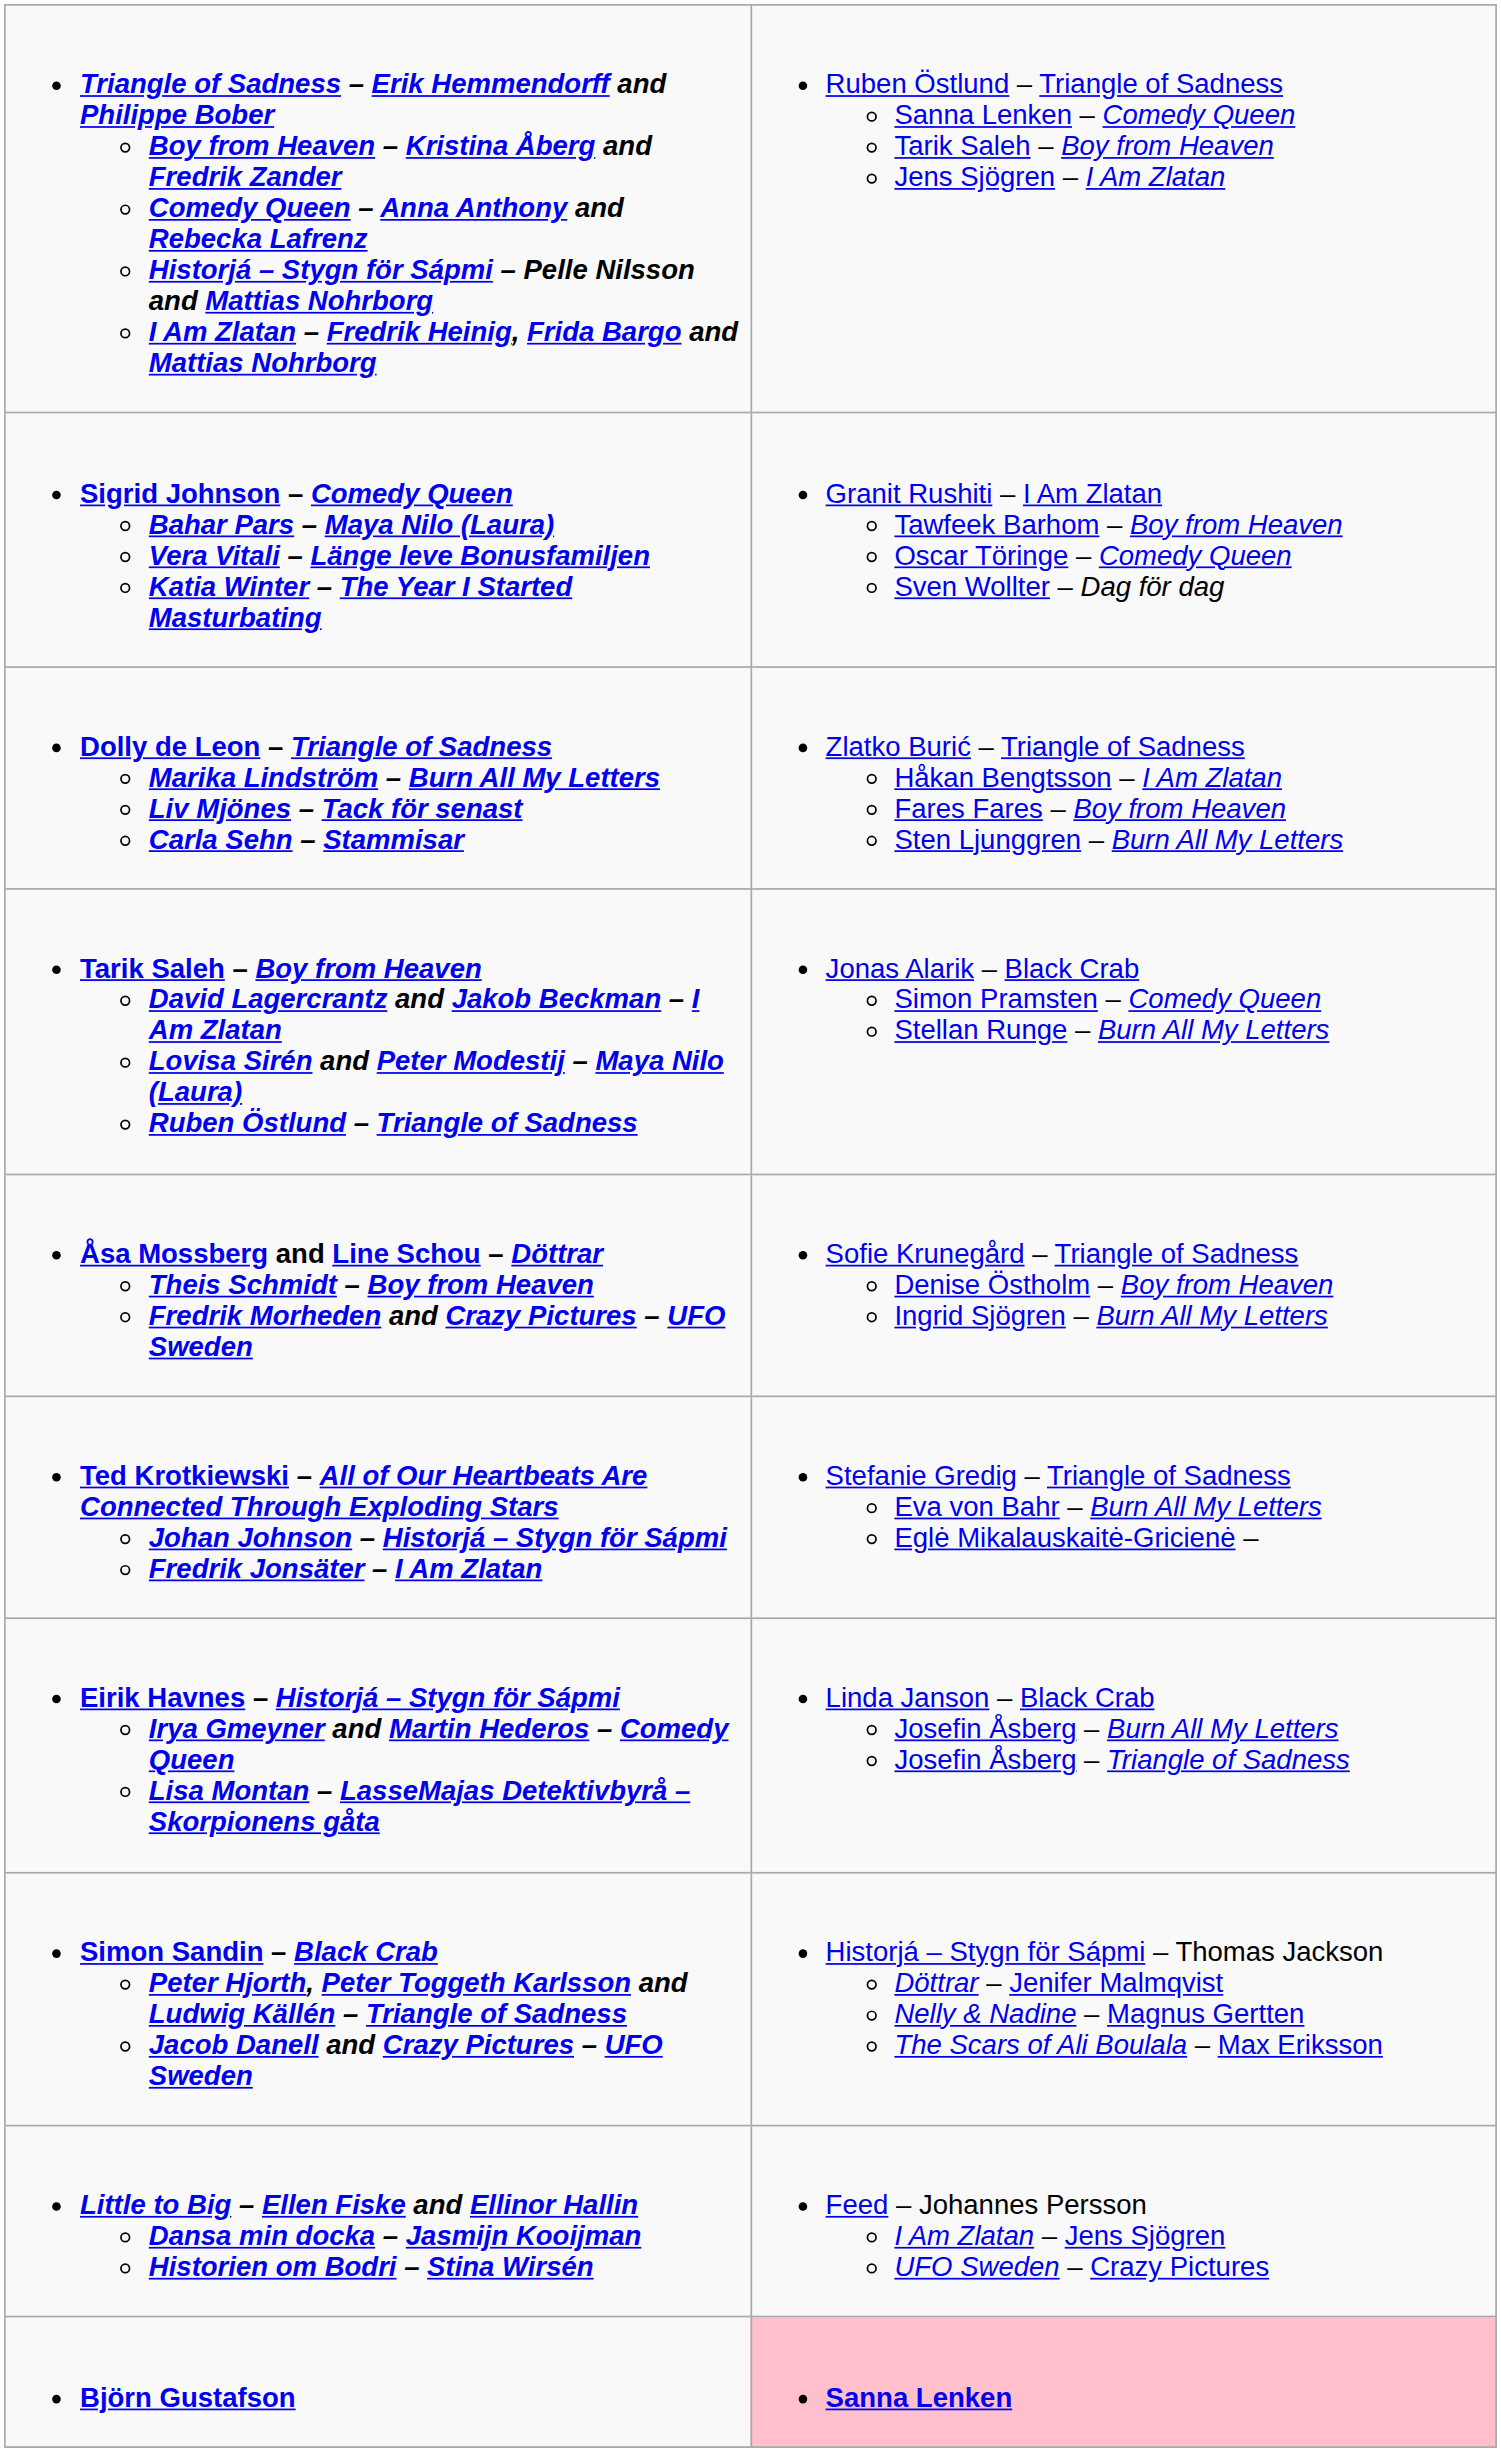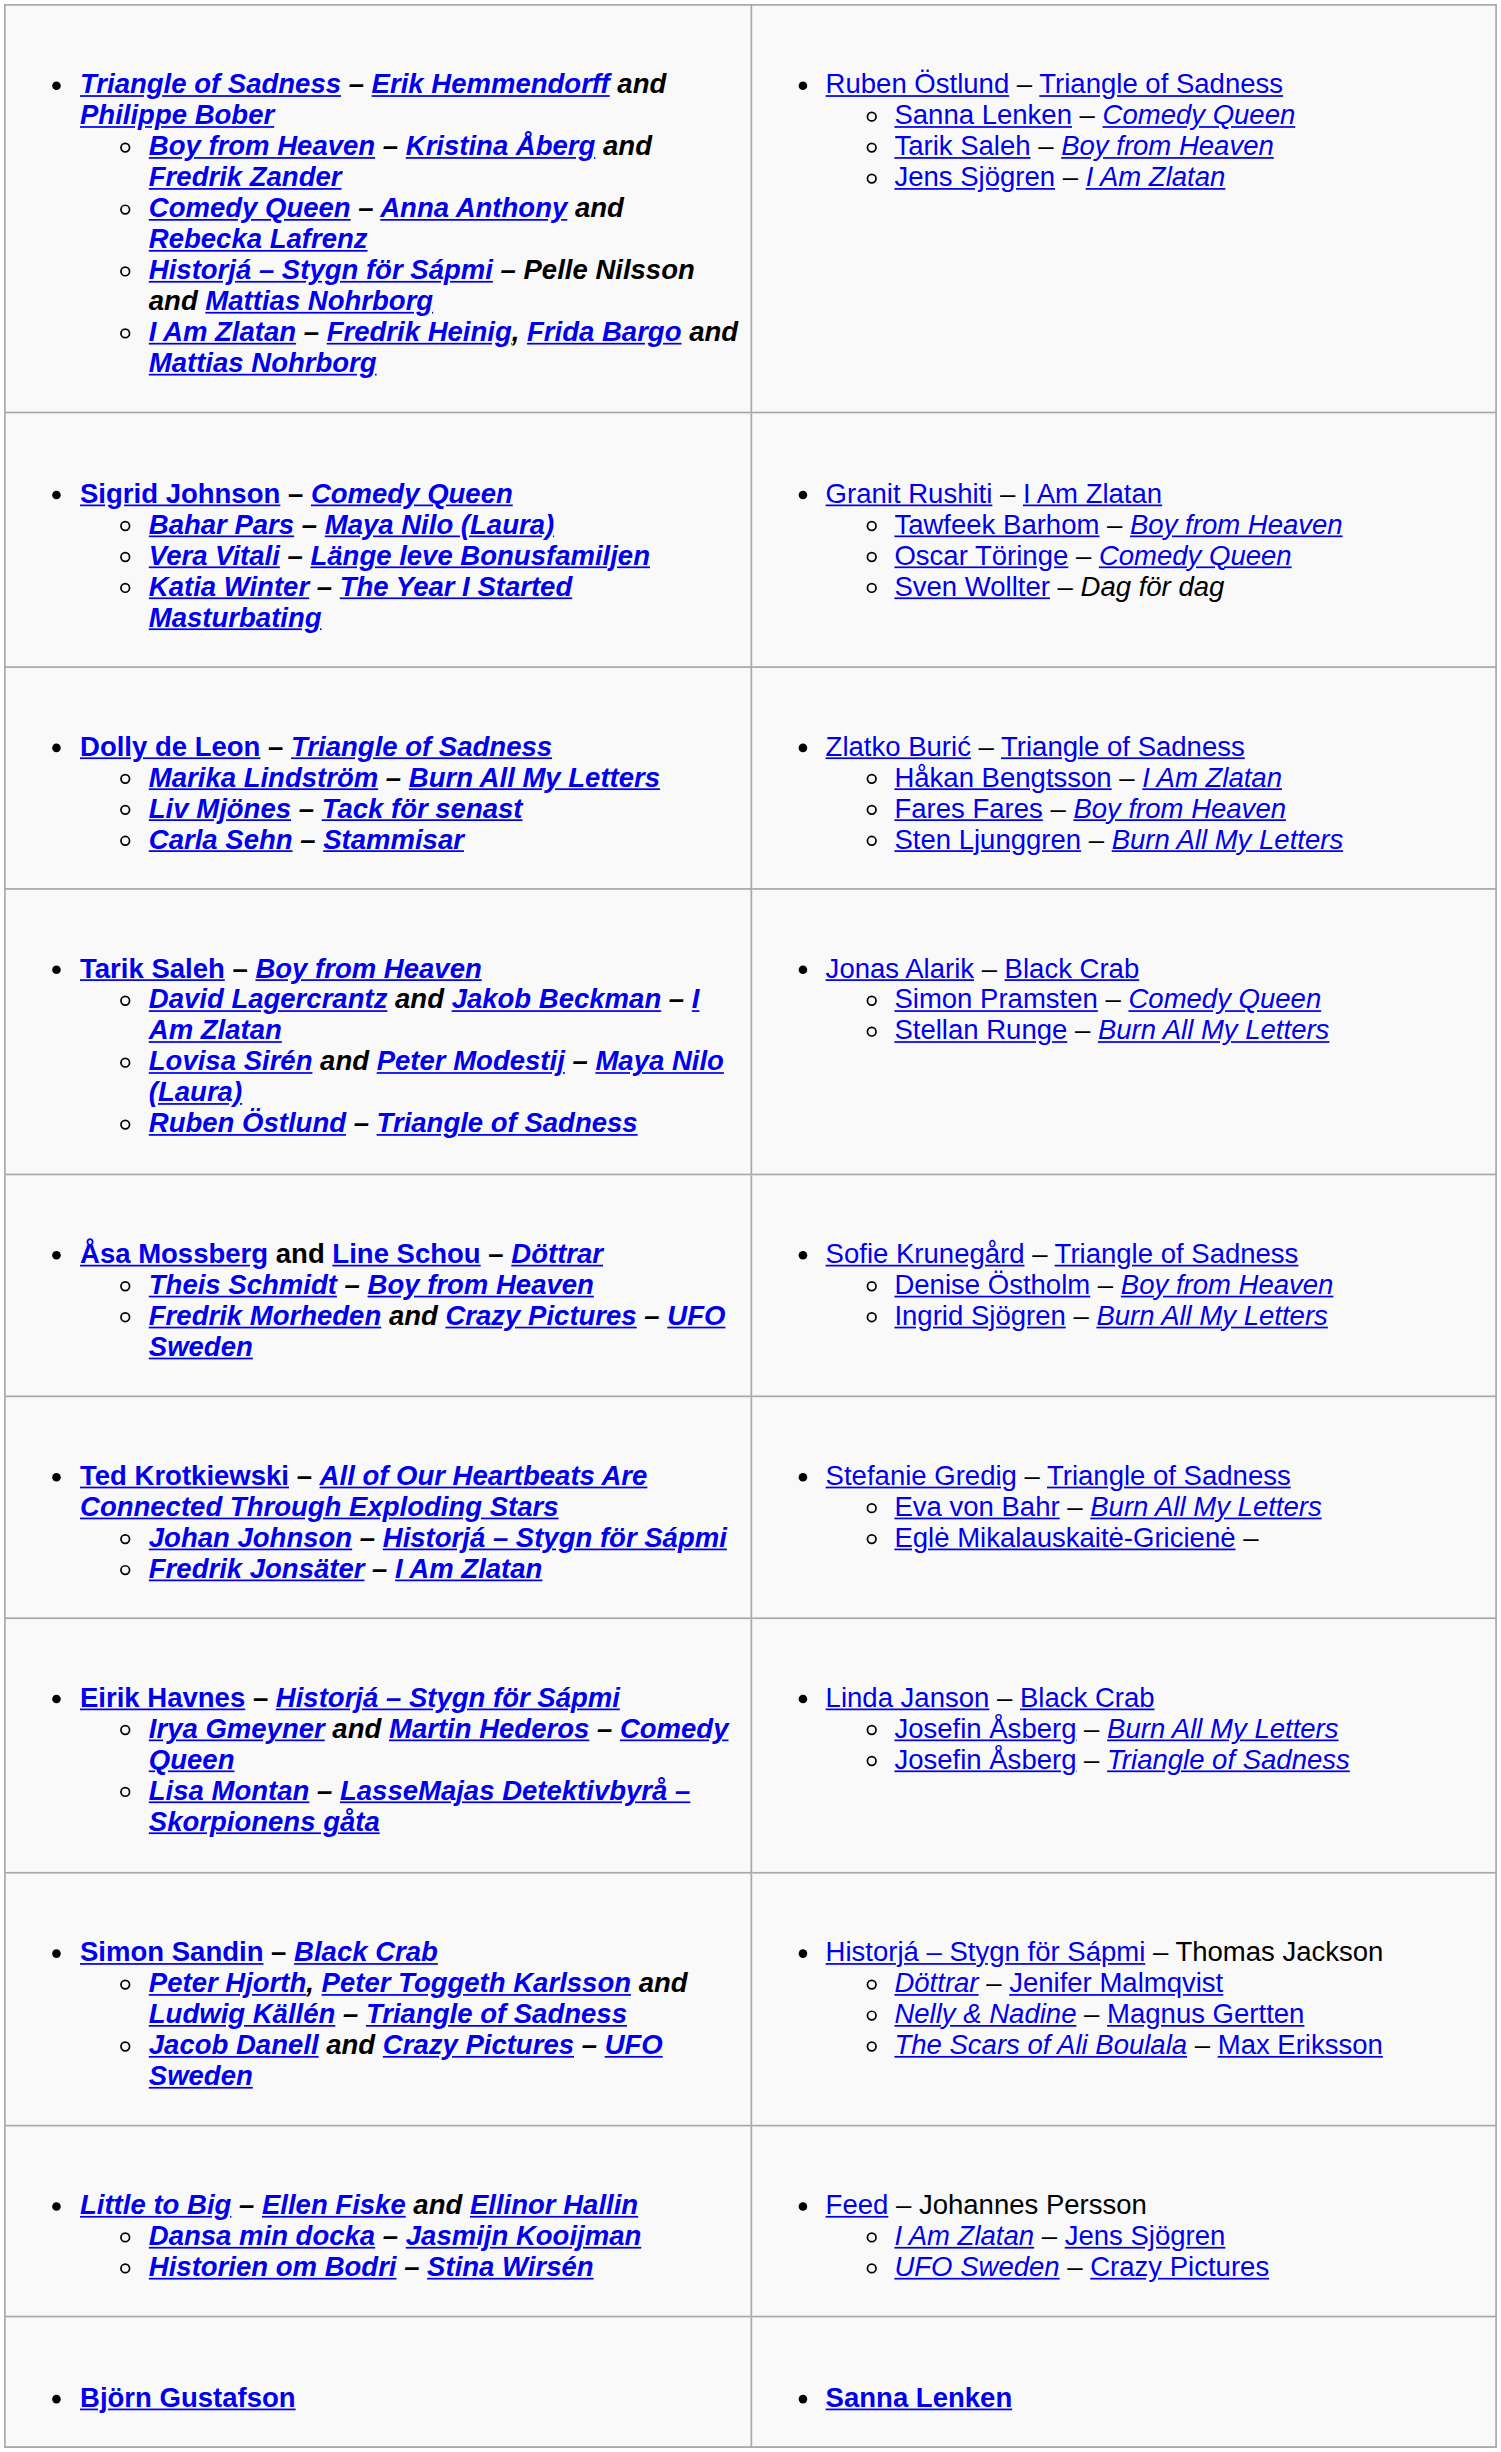 <table class="wikitable">
 <tr>
 <td style="width:50%" valign="top"><br><ul><li><strong><em><a href='#'>Triangle of Sadness</a><em> – <a href='#'>Erik Hemmendorff</a> and <a href='#'>Philippe Bober</a><strong><ul><li></em><a href='#'>Boy from Heaven</a><em> – <a href='#'>Kristina Åberg</a> and <a href='#'>Fredrik Zander</a></li><li></em><a href='#'>Comedy Queen</a><em> – <a href='#'>Anna Anthony</a> and <a href='#'>Rebecka Lafrenz</a></li><li></em><a href='#'>Historjá – Stygn för Sápmi</a><em> – Pelle Nilsson and <a href='#'>Mattias Nohrborg</a></li><li></em><a href='#'>I Am Zlatan</a><em> – <a href='#'>Fredrik Heinig</a>, <a href='#'>Frida Bargo</a> and <a href='#'>Mattias Nohrborg</a></li></ul></li></ul></td>
 <td style="width:50%" valign="top"><br><ul><li></strong><a href='#'>Ruben Östlund</a> – </em><a href='#'>Triangle of Sadness</a></em></strong><ul><li><a href='#'>Sanna Lenken</a> – <em><a href='#'>Comedy Queen</a></em></li><li><a href='#'>Tarik Saleh</a> – <em><a href='#'>Boy from Heaven</a></em></li><li><a href='#'>Jens Sjögren</a> – <em><a href='#'>I Am Zlatan</a></em></li></ul></li></ul></td>
 </tr>
 <tr>
 <td style="width:50%" valign="top"><br><ul><li><strong><a href='#'>Sigrid Johnson</a> – <em><a href='#'>Comedy Queen</a><strong><em><ul><li><a href='#'>Bahar Pars</a> – </em><a href='#'>Maya Nilo (Laura)</a><em></li><li><a href='#'>Vera Vitali</a> – </em><a href='#'>Länge leve Bonusfamiljen</a><em></li><li><a href='#'>Katia Winter</a> –  </em><a href='#'>The Year I Started Masturbating</a><em></li></ul></li></ul></td>
 <td style="width:50%" valign="top"><br><ul><li></strong><a href='#'>Granit Rushiti</a> – </em><a href='#'>I Am Zlatan</a></em></strong><ul><li><a href='#'>Tawfeek Barhom</a> – <em><a href='#'>Boy from Heaven</a></em></li><li><a href='#'>Oscar Töringe</a> – <em><a href='#'>Comedy Queen</a></em></li><li><a href='#'>Sven Wollter</a> – <em>Dag för dag</em></li></ul></li></ul></td>
 </tr>
 <tr>
 <td style="width:50%" valign="top"><br><ul><li><strong><a href='#'>Dolly de Leon</a> – <em><a href='#'>Triangle of Sadness</a><strong><em><ul><li><a href='#'>Marika Lindström</a> – </em><a href='#'>Burn All My Letters</a><em></li><li><a href='#'>Liv Mjönes</a> – </em><a href='#'>Tack för senast</a><em></li><li><a href='#'>Carla Sehn</a> – </em><a href='#'>Stammisar</a><em></li></ul></li></ul></td>
 <td style="width:50%" valign="top"><br><ul><li></strong><a href='#'>Zlatko Burić</a> – </em><a href='#'>Triangle of Sadness</a></em></strong><ul><li><a href='#'>Håkan Bengtsson</a> – <em><a href='#'>I Am Zlatan</a></em></li><li><a href='#'>Fares Fares</a> – <em><a href='#'>Boy from Heaven</a></em></li><li><a href='#'>Sten Ljunggren</a> – <em><a href='#'>Burn All My Letters</a></em></li></ul></li></ul></td>
 </tr>
 <tr>
 <td style="width:50%" valign="top"><br><ul><li><strong><a href='#'>Tarik Saleh</a> – <em><a href='#'>Boy from Heaven</a><strong><em><ul><li><a href='#'>David Lagercrantz</a> and <a href='#'>Jakob Beckman</a> – </em><a href='#'>I Am Zlatan</a><em></li><li><a href='#'>Lovisa Sirén</a> and <a href='#'>Peter Modestij</a> – </em><a href='#'>Maya Nilo (Laura)</a><em></li><li><a href='#'>Ruben Östlund</a> – </em><a href='#'>Triangle of Sadness</a><em></li></ul></li></ul></td>
 <td style="width:50%" valign="top"><br><ul><li></strong><a href='#'>Jonas Alarik</a> – </em><a href='#'>Black Crab</a></em></strong><ul><li><a href='#'>Simon Pramsten</a> – <em><a href='#'>Comedy Queen</a></em></li><li><a href='#'>Stellan Runge</a> – <em><a href='#'>Burn All My Letters</a></em></li></ul></li></ul></td>
 </tr>
 <tr>
 <td style="width:50%" valign="top"><br><ul><li><strong><a href='#'>Åsa Mossberg</a> and <a href='#'>Line Schou</a> – <em><a href='#'>Döttrar</a><strong><em><ul><li><a href='#'>Theis Schmidt</a> – </em><a href='#'>Boy from Heaven</a><em></li><li><a href='#'>Fredrik Morheden</a> and <a href='#'>Crazy Pictures</a> – </em><a href='#'>UFO Sweden</a><em></li></ul></li></ul></td>
 <td style="width:50%" valign="top"><br><ul><li></strong><a href='#'>Sofie Krunegård</a> – </em><a href='#'>Triangle of Sadness</a></em></strong><ul><li><a href='#'>Denise Östholm</a> – <em><a href='#'>Boy from Heaven</a></em></li><li><a href='#'>Ingrid Sjögren</a> – <em><a href='#'>Burn All My Letters</a></em></li></ul></li></ul></td>
 </tr>
 <tr>
 <td style="width:50%" valign="top"><br><ul><li><strong><a href='#'>Ted Krotkiewski</a> – <em><a href='#'>All of Our Heartbeats Are Connected Through Exploding Stars</a><strong><em><ul><li><a href='#'>Johan Johnson</a> – </em><a href='#'>Historjá – Stygn för Sápmi</a><em></li><li><a href='#'>Fredrik Jonsäter</a> – </em><a href='#'>I Am Zlatan</a><em></li></ul></li></ul></td>
 <td style="width:50%" valign="top"><br><ul><li></strong><a href='#'>Stefanie Gredig</a> – </em><a href='#'>Triangle of Sadness</a></em></strong><ul><li><a href='#'>Eva von Bahr</a> – <em><a href='#'>Burn All My Letters</a></em></li><li><a href='#'>Eglė Mikalauskaitė-Gricienė</a> – </li></ul></li></ul></td>
 </tr>
 <tr>
 <td style="width:50%" valign="top"><br><ul><li><strong><a href='#'>Eirik Havnes</a> – <em><a href='#'>Historjá – Stygn för Sápmi</a><strong><em><ul><li><a href='#'>Irya Gmeyner</a> and <a href='#'>Martin Hederos</a> – </em><a href='#'>Comedy Queen</a><em></li><li><a href='#'>Lisa Montan</a> – </em><a href='#'>LasseMajas Detektivbyrå – Skorpionens gåta</a><em></li></ul></li></ul></td>
 <td style="width:50%" valign="top"><br><ul><li></strong><a href='#'>Linda Janson</a> – </em><a href='#'>Black Crab</a></em></strong><ul><li><a href='#'>Josefin Åsberg</a> – <em><a href='#'>Burn All My Letters</a></em></li><li><a href='#'>Josefin Åsberg</a> – <em><a href='#'>Triangle of Sadness</a></em></li></ul></li></ul></td>
 </tr>
 <tr>
 <td style="width:50%" valign="top"><br><ul><li><strong><a href='#'>Simon Sandin</a> – <em><a href='#'>Black Crab</a><strong><em><ul><li><a href='#'>Peter Hjorth</a>, <a href='#'>Peter Toggeth Karlsson</a> and <a href='#'>Ludwig Källén</a> – </em><a href='#'>Triangle of Sadness</a><em></li><li><a href='#'>Jacob Danell</a> and <a href='#'>Crazy Pictures</a> – </em><a href='#'>UFO Sweden</a><em></li></ul></li></ul></td>
 <td style="width:50%" valign="top"><br><ul><li></em></strong><a href='#'>Historjá – Stygn för Sápmi</a></em> – Thomas Jackson</strong><ul><li><em><a href='#'>Döttrar</a></em> – <a href='#'>Jenifer Malmqvist</a></li><li><em><a href='#'>Nelly & Nadine</a></em> – <a href='#'>Magnus Gertten</a></li><li><em><a href='#'>The Scars of Ali Boulala</a></em> – <a href='#'>Max Eriksson</a></li></ul></li></ul></td>
 </tr>
 <tr>
 <td style="width:50%" valign="top"><br><ul><li><strong><em><a href='#'>Little to Big</a><em> – <a href='#'>Ellen Fiske</a> and <a href='#'>Ellinor Hallin</a><strong><ul><li></em><a href='#'>Dansa min docka</a><em> – <a href='#'>Jasmijn Kooijman</a></li><li></em><a href='#'>Historien om Bodri</a><em> – <a href='#'>Stina Wirsén</a></li></ul></li></ul></td>
 <td style="width:50%" valign="top"><br><ul><li></em></strong><a href='#'>Feed</a></em> – Johannes Persson</strong><ul><li><em><a href='#'>I Am Zlatan</a></em> – <a href='#'>Jens Sjögren</a></li><li><em><a href='#'>UFO Sweden</a></em> – <a href='#'>Crazy Pictures</a></li></ul></li></ul></td>
 </tr>
 <tr>
 <td style="width:50%" valign="top"><br><ul><li><strong><a href='#'>Björn Gustafson</a></strong></li></ul></td>
-<td style="background: pink; width:50%" valign="top"><br><ul><li><strong><a href='#'>Sanna Lenken</a></strong></li></ul></td>
+<td style="width:50%" valign="top"><br><ul><li><strong><a href='#'>Sanna Lenken</a></strong></li></ul></td>
 </tr>
 <tr>
 </tr>
 </table>
